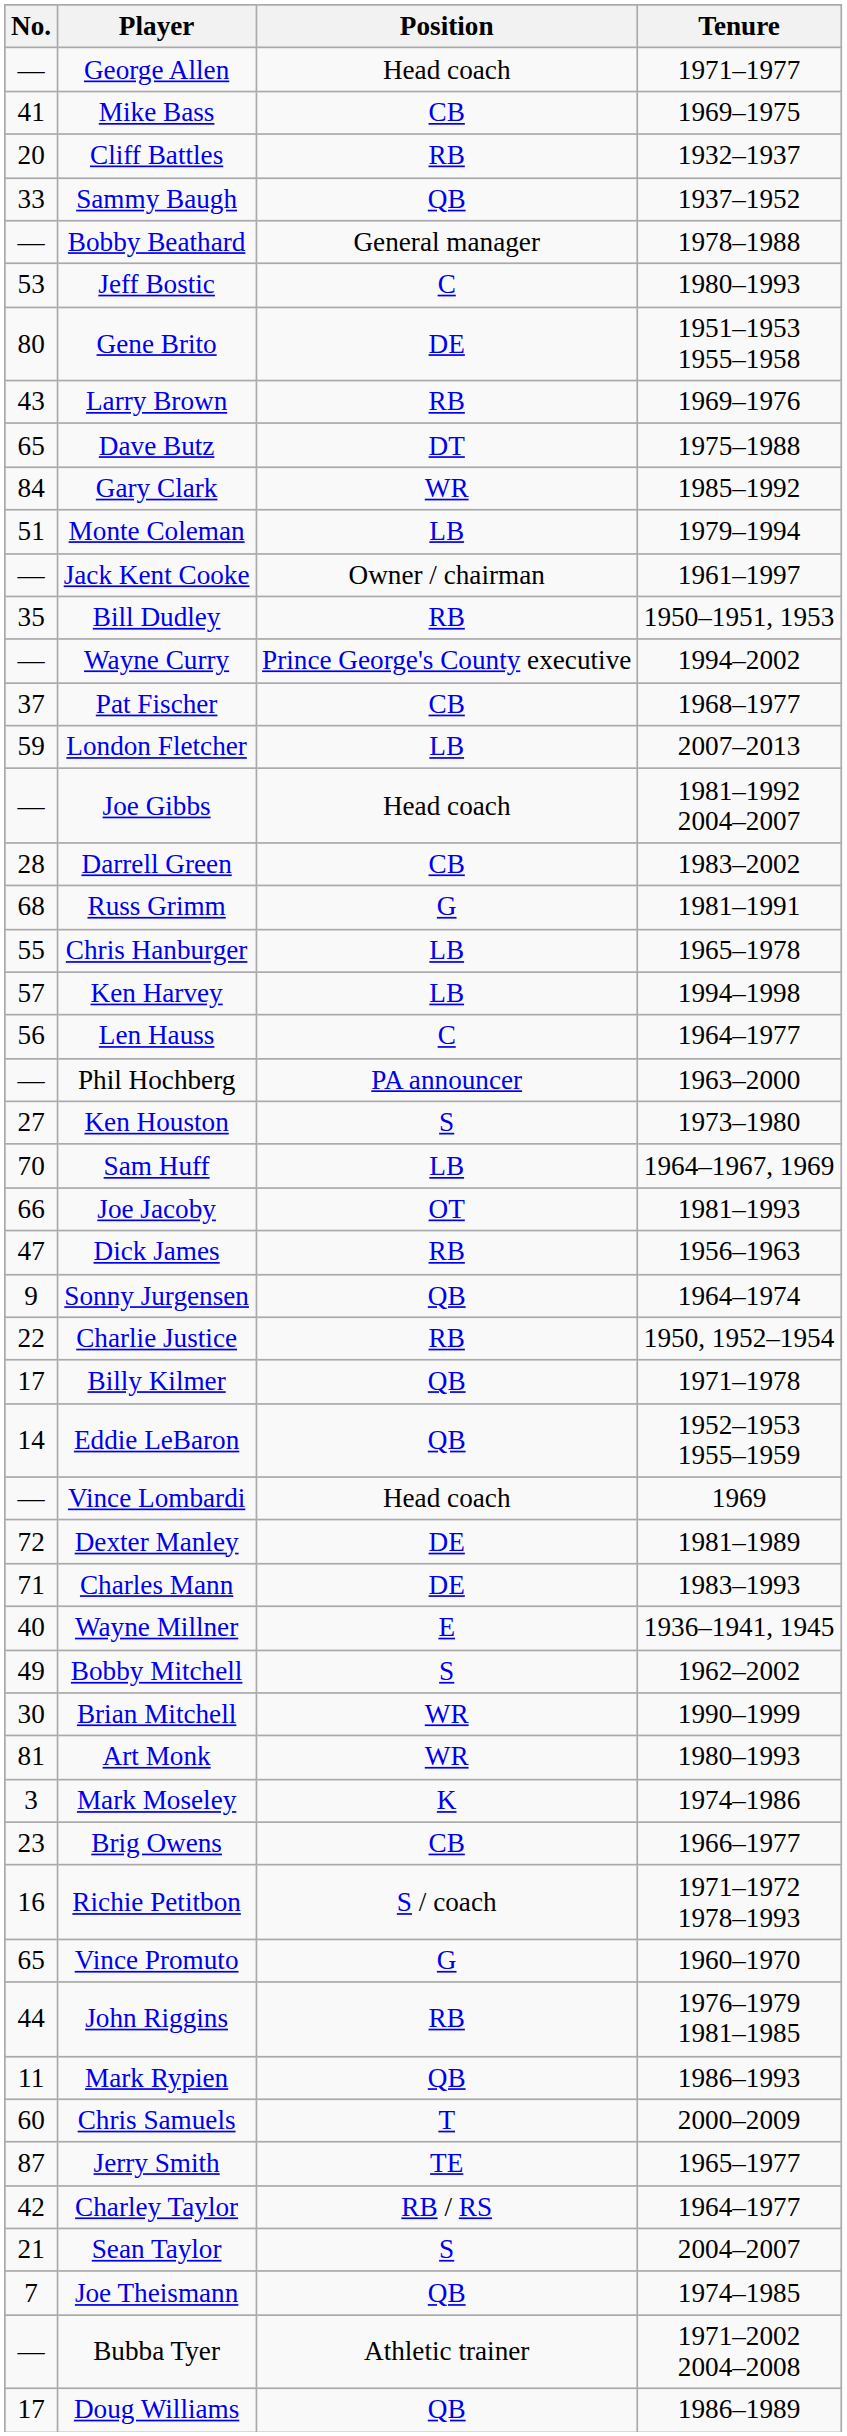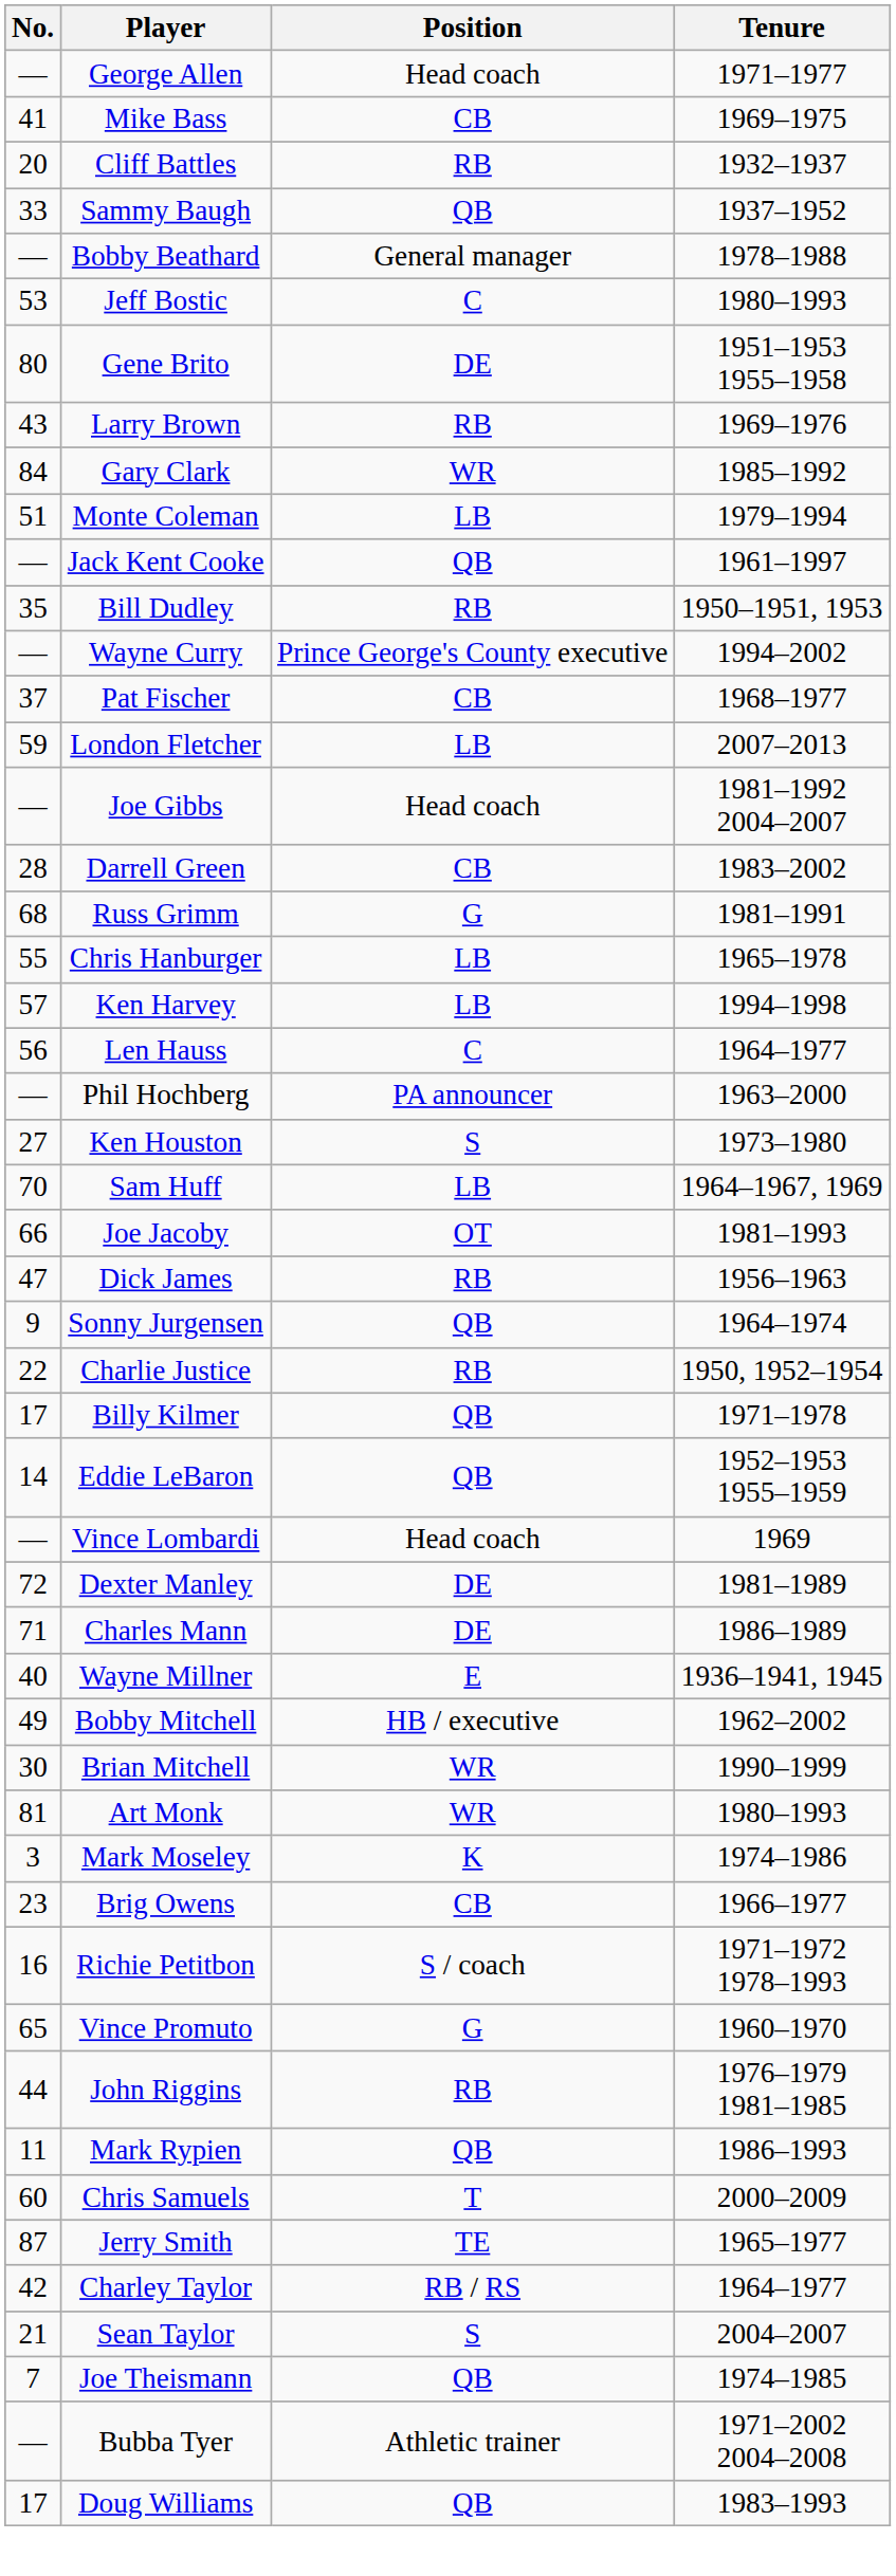 <table class="wikitable" style="text-align:center" width="auto">
 <tr>
 <th>No.</th>
 <th>Player</th>
 <th>Position</th>
 <th>Tenure</th>
 </tr>
 <tr>
 <td>—</td>
 <td><a href='#'>George Allen</a></td>
 <td>Head coach</td>
 <td>1971–1977</td>
 </tr>
 <tr>
 <td>41</td>
 <td><a href='#'>Mike Bass</a></td>
 <td><a href='#'>CB</a></td>
 <td>1969–1975</td>
 </tr>
 <tr>
 <td>20</td>
 <td><a href='#'>Cliff Battles</a></td>
 <td><a href='#'>RB</a></td>
 <td>1932–1937</td>
 </tr>
 <tr>
 <td>33</td>
 <td><a href='#'>Sammy Baugh</a></td>
 <td><a href='#'>QB</a></td>
 <td>1937–1952</td>
 </tr>
 <tr>
 <td>—</td>
 <td><a href='#'>Bobby Beathard</a></td>
 <td>General manager</td>
 <td>1978–1988</td>
 </tr>
 <tr>
 <td>53</td>
 <td><a href='#'>Jeff Bostic</a></td>
 <td><a href='#'>C</a></td>
 <td>1980–1993</td>
 </tr>
 <tr>
 <td>80</td>
 <td><a href='#'>Gene Brito</a></td>
 <td><a href='#'>DE</a></td>
 <td>1951–1953<br>1955–1958</td>
 </tr>
 <tr>
 <td>43</td>
 <td><a href='#'>Larry Brown</a></td>
 <td><a href='#'>RB</a></td>
 <td>1969–1976</td>
 </tr>
 <tr>
-<td>65</td>
-<td><a href='#'>Dave Butz</a></td>
-<td><a href='#'>DT</a></td>
-<td>1975–1988</td>
-</tr>
-<tr>
 <td>84</td>
 <td><a href='#'>Gary Clark</a></td>
 <td><a href='#'>WR</a></td>
 <td>1985–1992</td>
 </tr>
 <tr>
 <td>51</td>
 <td><a href='#'>Monte Coleman</a></td>
 <td><a href='#'>LB</a></td>
 <td>1979–1994</td>
 </tr>
 <tr>
 <td>—</td>
 <td><a href='#'>Jack Kent Cooke</a></td>
-<td>Owner / chairman</td>
+<td><a href='#'>QB</a></td>
 <td>1961–1997</td>
 </tr>
 <tr>
 <td>35</td>
 <td><a href='#'>Bill Dudley</a></td>
 <td><a href='#'>RB</a></td>
 <td>1950–1951, 1953</td>
 </tr>
 <tr>
 <td>—</td>
 <td><a href='#'>Wayne Curry</a></td>
 <td><a href='#'>Prince George's County</a> executive</td>
 <td>1994–2002</td>
 </tr>
 <tr>
 <td>37</td>
 <td><a href='#'>Pat Fischer</a></td>
 <td><a href='#'>CB</a></td>
 <td>1968–1977</td>
 </tr>
 <tr>
 <td>59</td>
 <td><a href='#'>London Fletcher</a></td>
 <td><a href='#'>LB</a></td>
 <td>2007–2013</td>
 </tr>
 <tr>
 <td>—</td>
 <td><a href='#'>Joe Gibbs</a></td>
 <td>Head coach</td>
 <td>1981–1992<br>2004–2007</td>
 </tr>
 <tr>
 <td>28</td>
 <td><a href='#'>Darrell Green</a></td>
 <td><a href='#'>CB</a></td>
 <td>1983–2002</td>
 </tr>
 <tr>
 <td>68</td>
 <td><a href='#'>Russ Grimm</a></td>
 <td><a href='#'>G</a></td>
 <td>1981–1991</td>
 </tr>
 <tr>
 <td>55</td>
 <td><a href='#'>Chris Hanburger</a></td>
 <td><a href='#'>LB</a></td>
 <td>1965–1978</td>
 </tr>
 <tr>
 <td>57</td>
 <td><a href='#'>Ken Harvey</a></td>
 <td><a href='#'>LB</a></td>
 <td>1994–1998</td>
 </tr>
 <tr>
 <td>56</td>
 <td><a href='#'>Len Hauss</a></td>
 <td><a href='#'>C</a></td>
 <td>1964–1977</td>
 </tr>
 <tr>
 <td>—</td>
 <td>Phil Hochberg</td>
 <td><a href='#'>PA announcer</a></td>
 <td>1963–2000</td>
 </tr>
 <tr>
 <td>27</td>
 <td><a href='#'>Ken Houston</a></td>
 <td><a href='#'>S</a></td>
 <td>1973–1980</td>
 </tr>
 <tr>
 <td>70</td>
 <td><a href='#'>Sam Huff</a></td>
 <td><a href='#'>LB</a></td>
 <td>1964–1967, 1969</td>
 </tr>
 <tr>
 <td>66</td>
 <td><a href='#'>Joe Jacoby</a></td>
 <td><a href='#'>OT</a></td>
 <td>1981–1993</td>
 </tr>
 <tr>
 <td>47</td>
 <td><a href='#'>Dick James</a></td>
 <td><a href='#'>RB</a></td>
 <td>1956–1963</td>
 </tr>
 <tr>
 <td>9</td>
 <td><a href='#'>Sonny Jurgensen</a></td>
 <td><a href='#'>QB</a></td>
 <td>1964–1974</td>
 </tr>
 <tr>
 <td>22</td>
 <td><a href='#'>Charlie Justice</a></td>
 <td><a href='#'>RB</a></td>
 <td>1950, 1952–1954</td>
 </tr>
 <tr>
 <td>17</td>
 <td><a href='#'>Billy Kilmer</a></td>
 <td><a href='#'>QB</a></td>
 <td>1971–1978</td>
 </tr>
 <tr>
 <td>14</td>
 <td><a href='#'>Eddie LeBaron</a></td>
 <td><a href='#'>QB</a></td>
 <td>1952–1953<br>1955–1959</td>
 </tr>
 <tr>
 <td>—</td>
 <td><a href='#'>Vince Lombardi</a></td>
 <td>Head coach</td>
 <td>1969</td>
 </tr>
 <tr>
 <td>72</td>
 <td><a href='#'>Dexter Manley</a></td>
 <td><a href='#'>DE</a></td>
 <td>1981–1989</td>
 </tr>
 <tr>
 <td>71</td>
 <td><a href='#'>Charles Mann</a></td>
 <td><a href='#'>DE</a></td>
-<td>1983–1993</td>
+<td>1986–1989</td>
 </tr>
 <tr>
 <td>40</td>
 <td><a href='#'>Wayne Millner</a></td>
 <td><a href='#'>E</a></td>
 <td>1936–1941, 1945</td>
 </tr>
 <tr>
 <td>49</td>
 <td><a href='#'>Bobby Mitchell</a></td>
-<td><a href='#'>S</a></td>
+<td><a href='#'>HB</a> / executive</td>
 <td>1962–2002</td>
 </tr>
 <tr>
 <td>30</td>
 <td><a href='#'>Brian Mitchell</a></td>
 <td><a href='#'>WR</a></td>
 <td>1990–1999</td>
 </tr>
 <tr>
 <td>81</td>
 <td><a href='#'>Art Monk</a></td>
 <td><a href='#'>WR</a></td>
 <td>1980–1993</td>
 </tr>
 <tr>
 <td>3</td>
 <td><a href='#'>Mark Moseley</a></td>
 <td><a href='#'>K</a></td>
 <td>1974–1986</td>
 </tr>
 <tr>
 <td>23</td>
 <td><a href='#'>Brig Owens</a></td>
 <td><a href='#'>CB</a></td>
 <td>1966–1977</td>
 </tr>
 <tr>
 <td>16</td>
 <td><a href='#'>Richie Petitbon</a></td>
 <td><a href='#'>S</a> / coach</td>
 <td>1971–1972<br>1978–1993</td>
 </tr>
 <tr>
 <td>65</td>
 <td><a href='#'>Vince Promuto</a></td>
 <td><a href='#'>G</a></td>
 <td>1960–1970</td>
 </tr>
 <tr>
 <td>44</td>
 <td><a href='#'>John Riggins</a></td>
 <td><a href='#'>RB</a></td>
 <td>1976–1979<br>1981–1985</td>
 </tr>
 <tr>
 <td>11</td>
 <td><a href='#'>Mark Rypien</a></td>
 <td><a href='#'>QB</a></td>
 <td>1986–1993</td>
 </tr>
 <tr>
 <td>60</td>
 <td><a href='#'>Chris Samuels</a></td>
 <td><a href='#'>T</a></td>
 <td>2000–2009</td>
 </tr>
 <tr>
 <td>87</td>
 <td><a href='#'>Jerry Smith</a></td>
 <td><a href='#'>TE</a></td>
 <td>1965–1977</td>
 </tr>
 <tr>
 <td>42</td>
 <td><a href='#'>Charley Taylor</a></td>
 <td><a href='#'>RB</a> / <a href='#'>RS</a></td>
 <td>1964–1977</td>
 </tr>
 <tr>
 <td>21</td>
 <td><a href='#'>Sean Taylor</a></td>
 <td><a href='#'>S</a></td>
 <td>2004–2007</td>
 </tr>
 <tr>
 <td>7</td>
 <td><a href='#'>Joe Theismann</a></td>
 <td><a href='#'>QB</a></td>
 <td>1974–1985</td>
 </tr>
 <tr>
 <td>—</td>
 <td>Bubba Tyer</td>
 <td>Athletic trainer</td>
 <td>1971–2002<br>2004–2008</td>
 </tr>
 <tr>
 <td>17</td>
 <td><a href='#'>Doug Williams</a></td>
 <td><a href='#'>QB</a></td>
-<td>1986–1989</td>
+<td>1983–1993</td>
 </tr>
 </table>
